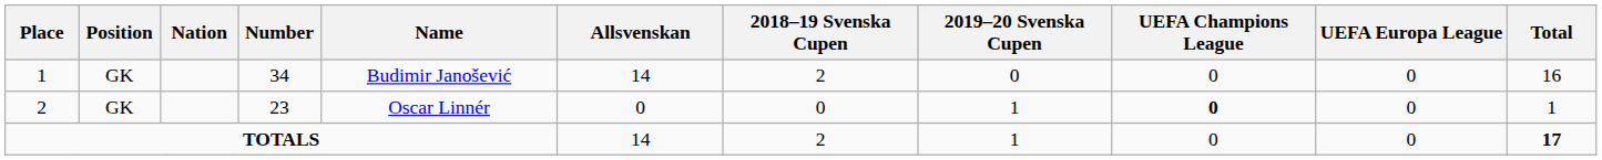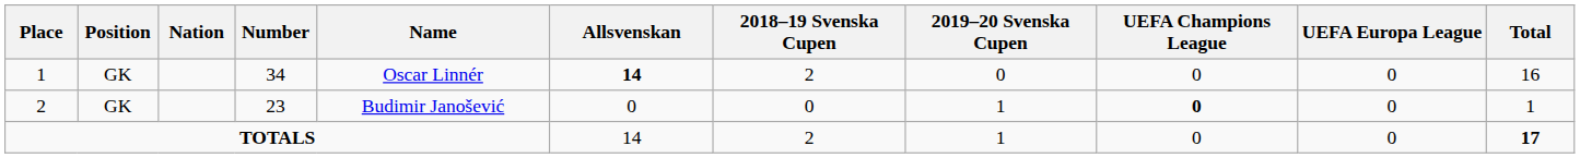 <table class="wikitable" style="font-size: 95%; text-align: center;">
 <tr>
 <th width=60>Place</th>
 <th width=60>Position</th>
 <th width=60>Nation</th>
 <th width=60>Number</th>
 <th width=250>Name</th>
 <th width=150>Allsvenskan</th>
 <th width=200>2018–19 Svenska Cupen</th>
 <th width=200>2019–20 Svenska Cupen</th>
 <th width=200>UEFA Champions League</th>
 <th width=200>UEFA Europa League</th>
 <th width=80><strong>Total</strong></th>
 </tr>
 <tr>
 <td>1</td>
 <td>GK</td>
 <td></td>
 <td>34</td>
-<td><a href='#'>Budimir Janošević</a></td>
-<td>14</td>
+<td><a href='#'>Oscar Linnér</a></td>
+<td><strong>14</strong></td>
 <td>2</td>
 <td>0</td>
 <td>0</td>
 <td>0</td>
 <td>16</td>
 </tr>
 <tr>
 <td>2</td>
 <td>GK</td>
 <td></td>
 <td>23</td>
-<td><a href='#'>Oscar Linnér</a></td>
+<td><a href='#'>Budimir Janošević</a></td>
 <td>0</td>
 <td>0</td>
 <td>1</td>
 <td><strong>0</strong></td>
 <td>0</td>
 <td>1</td>
 </tr>
 <tr>
 <td colspan="5"><strong>TOTALS</strong></td>
 <td>14</td>
 <td>2</td>
 <td>1</td>
 <td>0</td>
 <td>0</td>
 <td><strong>17</strong></td>
 </tr>
 </table>
